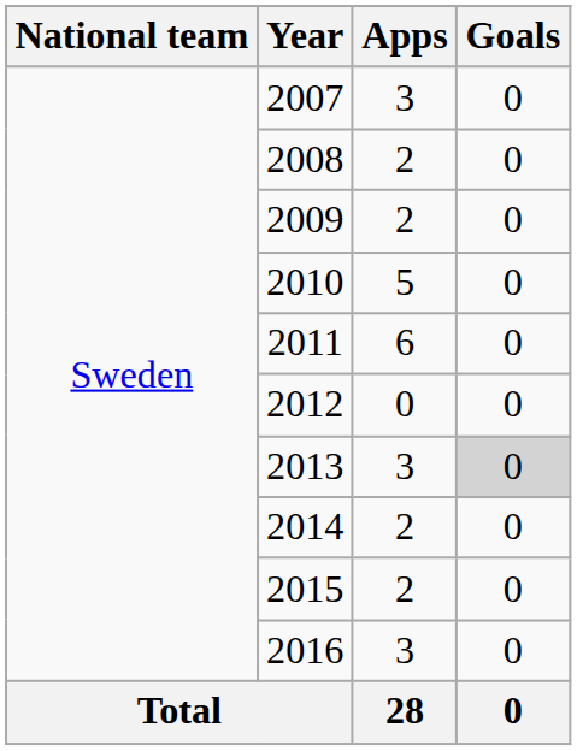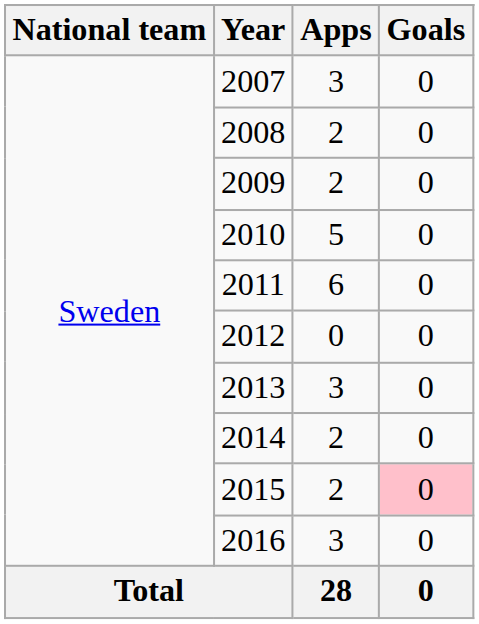 <table class="wikitable" style="text-align:center">
 <tr>
 </tr>
 <tr>
 <th>National team</th>
 <th>Year</th>
 <th>Apps</th>
 <th>Goals</th>
 </tr>
 <tr>
 <td rowspan="10"><a href='#'>Sweden</a></td>
 <td>2007</td>
 <td>3</td>
 <td>0</td>
 </tr>
 <tr>
 <td>2008</td>
 <td>2</td>
 <td>0</td>
 </tr>
 <tr>
 <td>2009</td>
 <td>2</td>
 <td>0</td>
 </tr>
 <tr>
 <td>2010</td>
 <td>5</td>
 <td>0</td>
 </tr>
 <tr>
 <td>2011</td>
 <td>6</td>
 <td>0</td>
 </tr>
 <tr>
 <td>2012</td>
 <td>0</td>
 <td>0</td>
 </tr>
 <tr>
 <td>2013</td>
 <td>3</td>
-<td style="background: lightgrey;">0</td>
+<td>0</td>
 </tr>
 <tr>
 <td>2014</td>
 <td>2</td>
 <td>0</td>
 </tr>
 <tr>
 <td>2015</td>
 <td>2</td>
-<td>0</td>
+<td style="background: pink;">0</td>
 </tr>
 <tr>
 <td>2016</td>
 <td>3</td>
 <td>0</td>
 </tr>
 <tr>
 <th colspan="2">Total</th>
 <th>28</th>
 <th>0</th>
 </tr>
 </table>
